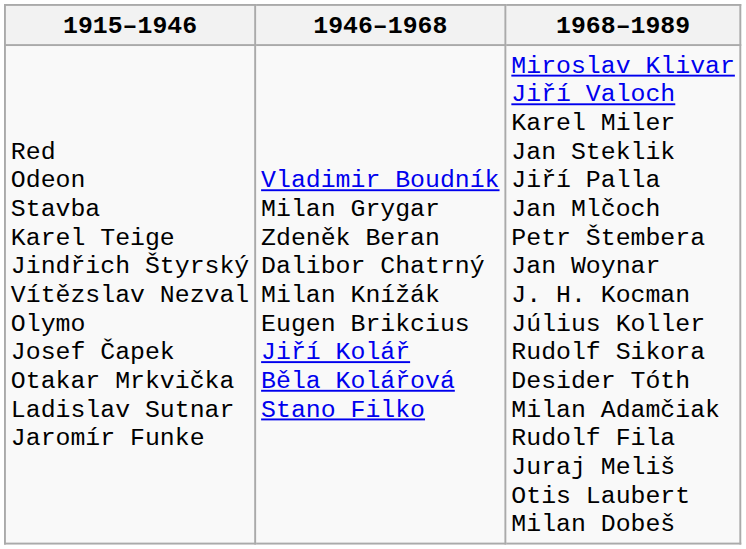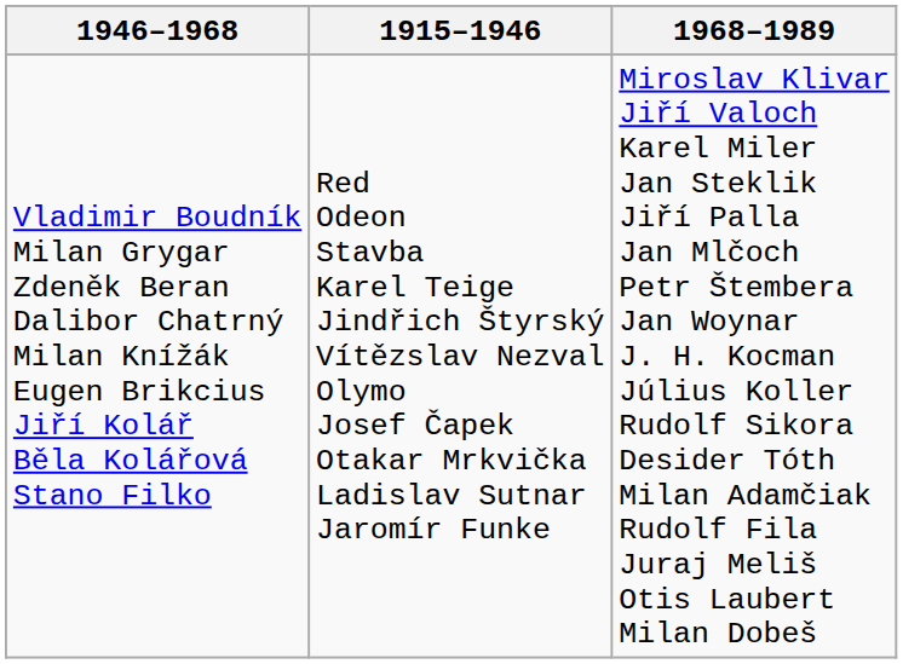 <table class="wikitable sortable">
 <tr>
+<th>1946–1968</th>
 <th>1915–1946</th>
-<th>1946–1968</th>
 <th>1968–1989</th>
 </tr>
 <tr>
+<td><a href='#'>Vladimir Boudník</a><br>Milan Grygar<br>Zdeněk Beran<br>Dalibor Chatrný<br>Milan Knížák<br>Eugen Brikcius<br><a href='#'>Jiří Kolář</a><br><a href='#'>Běla Kolářová</a><br><a href='#'>Stano Filko</a></td>
 <td>Red<br>Odeon<br>Stavba<br>Karel Teige<br>Jindřich Štyrský<br>Vítězslav Nezval<br>Olymo<br>Josef Čapek<br>Otakar Mrkvička<br>Ladislav Sutnar<br>Jaromír Funke</td>
-<td><a href='#'>Vladimir Boudník</a><br>Milan Grygar<br>Zdeněk Beran<br>Dalibor Chatrný<br>Milan Knížák<br>Eugen Brikcius<br><a href='#'>Jiří Kolář</a><br><a href='#'>Běla Kolářová</a><br><a href='#'>Stano Filko</a></td>
 <td><a href='#'>Miroslav Klivar</a><br><a href='#'>Jiří Valoch</a><br>Karel Miler<br>Jan Steklik<br>Jiří Palla<br>Jan Mlčoch<br>Petr Štembera<br>Jan Woynar<br>J. H. Kocman<br>Július Koller<br>Rudolf Sikora<br>Desider Tóth<br>Milan Adamčiak<br>Rudolf Fila<br>Juraj Meliš<br>Otis Laubert<br>Milan Dobeš</td>
 </tr>
 </table>
